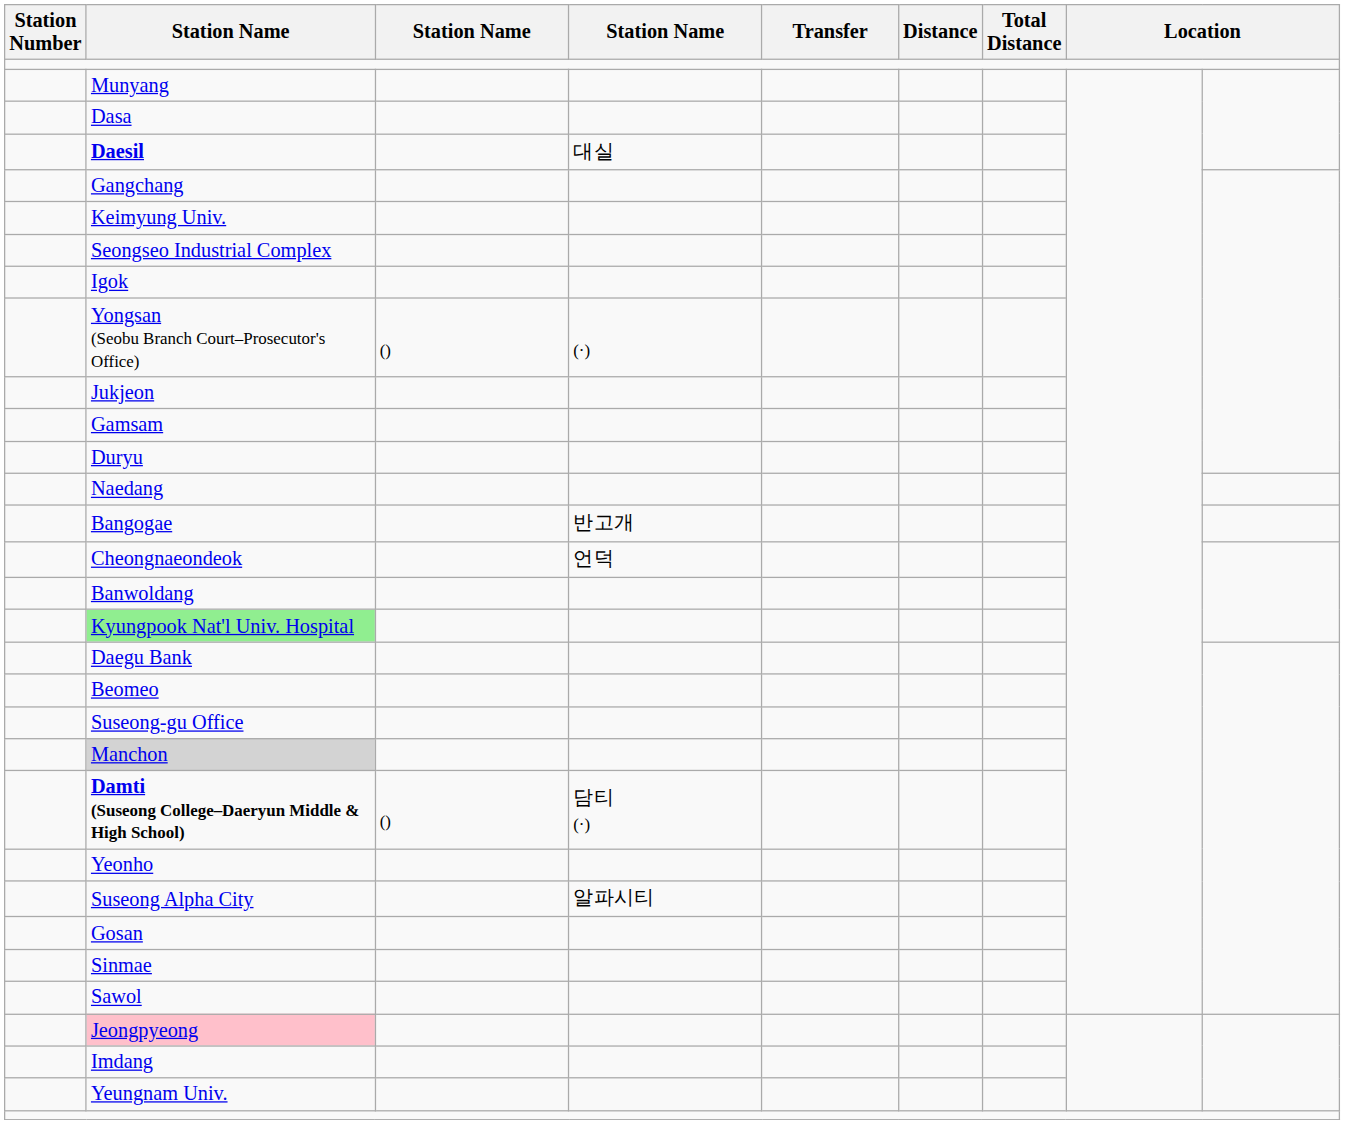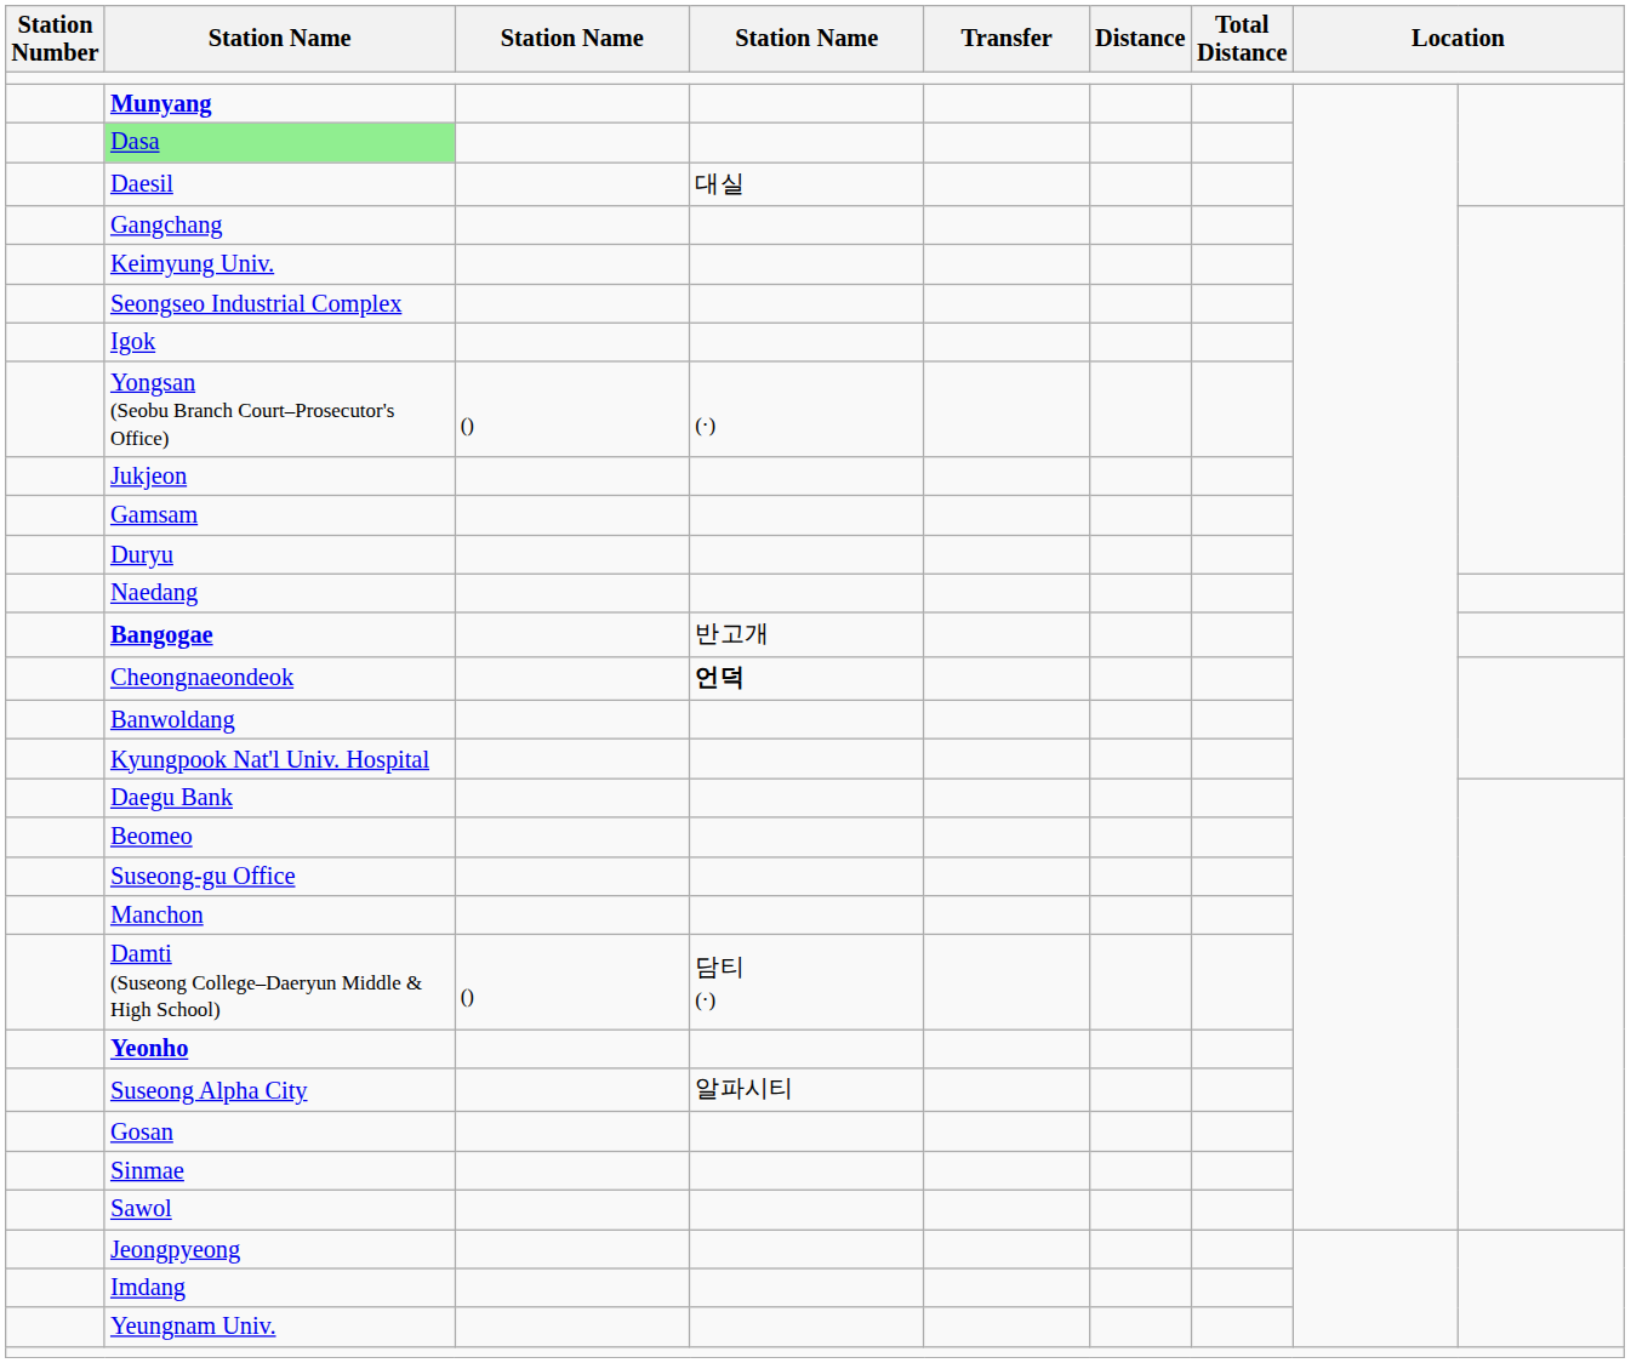 <table class="wikitable">
 <tr>
 <th>Station<br>Number</th>
 <th width = "220pt">Station Name<br></th>
 <th width = "145pt">Station Name<br></th>
 <th width = "145pt">Station Name<br></th>
 <th width = "100pt">Transfer</th>
 <th>Distance<br></th>
 <th>Total<br>Distance</th>
 <th colspan = "2">Location</th>
 </tr>
 <tr style="background:#">
 <td colspan = "10"></td>
 </tr>
 <tr>
 <td></td>
-<td><a href='#'>Munyang</a></td>
+<td><strong><a href='#'>Munyang</a></strong></td>
 <td></td>
 <td></td>
 <td></td>
 <td></td>
 <td></td>
 <td width = "100pt" rowspan = "26"></td>
 <td width = "100pt" rowspan = "3"></td>
 </tr>
 <tr>
 <td></td>
-<td><a href='#'>Dasa</a></td>
+<td style="background: lightgreen;"><a href='#'>Dasa</a></td>
 <td></td>
 <td></td>
 <td></td>
 <td></td>
 <td></td>
 </tr>
 <tr>
 <td></td>
-<td><strong><a href='#'>Daesil</a></strong></td>
+<td><a href='#'>Daesil</a></td>
 <td></td>
 <td>대실</td>
 <td></td>
 <td></td>
 <td></td>
 </tr>
 <tr>
 <td></td>
 <td><a href='#'>Gangchang</a></td>
 <td></td>
 <td></td>
 <td></td>
 <td></td>
 <td></td>
 <td width = "100pt" rowspan = "8"></td>
 </tr>
 <tr>
 <td></td>
 <td><a href='#'>Keimyung Univ.</a></td>
 <td></td>
 <td></td>
 <td></td>
 <td></td>
 <td></td>
 </tr>
 <tr>
 <td></td>
 <td><a href='#'>Seongseo Industrial Complex</a></td>
 <td></td>
 <td></td>
 <td></td>
 <td></td>
 <td></td>
 </tr>
 <tr>
 <td></td>
 <td><a href='#'>Igok</a></td>
 <td></td>
 <td></td>
 <td></td>
 <td></td>
 <td></td>
 </tr>
 <tr>
 <td></td>
 <td><a href='#'>Yongsan</a><br><small>(Seobu Branch Court–Prosecutor's Office)</small></td>
 <td><br><small>()</small></td>
 <td><br><small>(·)</small></td>
 <td></td>
 <td></td>
 <td></td>
 </tr>
 <tr>
 <td></td>
 <td><a href='#'>Jukjeon</a></td>
 <td></td>
 <td></td>
 <td></td>
 <td></td>
 <td></td>
 </tr>
 <tr>
 <td></td>
 <td><a href='#'>Gamsam</a></td>
 <td></td>
 <td></td>
 <td></td>
 <td></td>
 <td></td>
 </tr>
 <tr>
 <td></td>
 <td><a href='#'>Duryu</a></td>
 <td></td>
 <td></td>
 <td></td>
 <td></td>
 <td></td>
 </tr>
 <tr>
 <td></td>
 <td><a href='#'>Naedang</a></td>
 <td></td>
 <td></td>
 <td></td>
 <td></td>
 <td></td>
 <td width = "100pt" rowspan = "1"></td>
 </tr>
 <tr>
 <td></td>
-<td><a href='#'>Bangogae</a></td>
+<td><strong><a href='#'>Bangogae</a></strong></td>
 <td></td>
 <td>반고개</td>
 <td></td>
 <td></td>
 <td></td>
 <td width = "100pt" rowspan = "1"></td>
 </tr>
 <tr>
 <td></td>
 <td><a href='#'>Cheongnaeondeok</a></td>
 <td></td>
-<td>언덕</td>
+<td><strong>언덕</strong></td>
 <td></td>
 <td></td>
 <td></td>
 <td width = "100pt" rowspan = "3"></td>
 </tr>
 <tr>
 <td></td>
 <td><a href='#'>Banwoldang</a></td>
 <td></td>
 <td></td>
 <td></td>
 <td></td>
 <td></td>
 </tr>
 <tr>
 <td></td>
-<td style="background: lightgreen;"><a href='#'>Kyungpook Nat'l Univ. Hospital</a></td>
+<td><a href='#'>Kyungpook Nat'l Univ. Hospital</a></td>
 <td></td>
 <td></td>
 <td></td>
 <td></td>
 <td></td>
 </tr>
 <tr>
 <td></td>
 <td><a href='#'>Daegu Bank</a></td>
 <td></td>
 <td></td>
 <td></td>
 <td></td>
 <td></td>
 <td width = "100pt" rowspan = "10"></td>
 </tr>
 <tr>
 <td></td>
 <td><a href='#'>Beomeo</a></td>
 <td></td>
 <td></td>
 <td></td>
 <td></td>
 <td></td>
 </tr>
 <tr>
 <td></td>
 <td><a href='#'>Suseong-gu Office</a></td>
 <td></td>
 <td></td>
 <td></td>
 <td></td>
 <td></td>
 </tr>
 <tr>
 <td></td>
-<td style="background: lightgrey;"><a href='#'>Manchon</a></td>
+<td><a href='#'>Manchon</a></td>
 <td></td>
 <td></td>
 <td></td>
 <td></td>
 <td></td>
 </tr>
 <tr>
 <td></td>
-<td><strong><a href='#'>Damti</a><br><small>(Suseong College–Daeryun Middle & High School)</small></strong></td>
+<td><a href='#'>Damti</a><br><small>(Suseong College–Daeryun Middle & High School)</small></td>
 <td><br><small>()</small></td>
 <td>담티<br><small>(·)</small></td>
 <td></td>
 <td></td>
 <td></td>
 </tr>
 <tr>
 <td></td>
-<td><a href='#'>Yeonho</a></td>
+<td><strong><a href='#'>Yeonho</a></strong></td>
 <td></td>
 <td></td>
 <td></td>
 <td></td>
 <td></td>
 </tr>
 <tr>
 <td></td>
 <td><a href='#'>Suseong Alpha City</a></td>
 <td></td>
 <td>알파시티</td>
 <td></td>
 <td></td>
 <td></td>
 </tr>
 <tr>
 <td></td>
 <td><a href='#'>Gosan</a></td>
 <td></td>
 <td></td>
 <td></td>
 <td></td>
 <td></td>
 </tr>
 <tr>
 <td></td>
 <td><a href='#'>Sinmae</a></td>
 <td></td>
 <td></td>
 <td></td>
 <td></td>
 <td></td>
 </tr>
 <tr>
 <td></td>
 <td><a href='#'>Sawol</a></td>
 <td></td>
 <td></td>
 <td></td>
 <td></td>
 <td></td>
 </tr>
 <tr>
 <td></td>
-<td style="background: pink;"><a href='#'>Jeongpyeong</a></td>
+<td><a href='#'>Jeongpyeong</a></td>
 <td></td>
 <td></td>
 <td></td>
 <td></td>
 <td></td>
 <td width = "100pt" rowspan = "3"></td>
 <td width = "100pt" rowspan = "3"></td>
 </tr>
 <tr>
 <td></td>
 <td><a href='#'>Imdang</a></td>
 <td></td>
 <td></td>
 <td></td>
 <td></td>
 <td></td>
 </tr>
 <tr>
 <td></td>
 <td><a href='#'>Yeungnam Univ.</a></td>
 <td></td>
 <td></td>
 <td></td>
 <td></td>
 <td></td>
 </tr>
 <tr style="background:#">
 <td colspan = "10"></td>
 </tr>
 </table>
